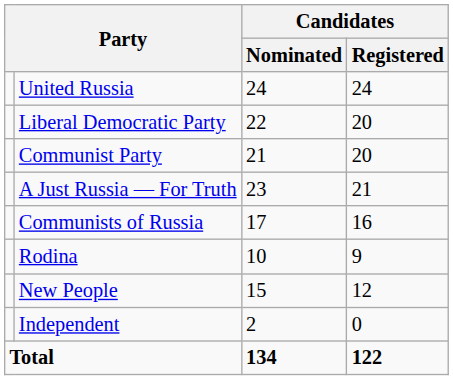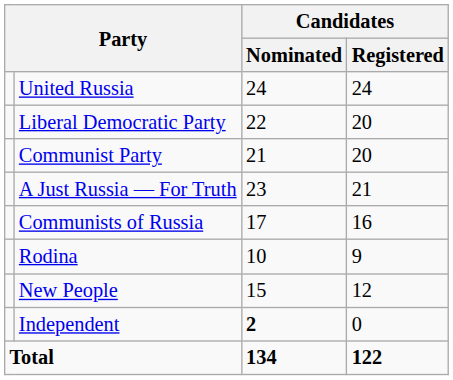 <table class="wikitable sortable" style="background: #f9f9f9; text-align:left; font-size: 95%">
 <tr>
 <th align=center rowspan=2 colspan=2>Party</th>
 <th align=center colspan=2>Candidates</th>
 </tr>
 <tr>
 <th align=center>Nominated</th>
 <th align=center>Registered</th>
 </tr>
 <tr>
 <td></td>
 <td><a href='#'>United Russia</a></td>
 <td>24</td>
 <td>24</td>
 </tr>
 <tr>
 <td></td>
 <td><a href='#'>Liberal Democratic Party</a></td>
 <td>22</td>
 <td>20</td>
 </tr>
 <tr>
 <td></td>
 <td><a href='#'>Communist Party</a></td>
 <td>21</td>
 <td>20</td>
 </tr>
 <tr>
 <td></td>
 <td><a href='#'>A Just Russia — For Truth</a></td>
 <td>23</td>
 <td>21</td>
 </tr>
 <tr>
 <td></td>
 <td><a href='#'>Communists of Russia</a></td>
 <td>17</td>
 <td>16</td>
 </tr>
 <tr>
 <td></td>
 <td><a href='#'>Rodina</a></td>
 <td>10</td>
 <td>9</td>
 </tr>
 <tr>
 <td></td>
 <td><a href='#'>New People</a></td>
 <td>15</td>
 <td>12</td>
 </tr>
 <tr>
 <td></td>
 <td><a href='#'>Independent</a></td>
-<td>2</td>
+<td><strong>2</strong></td>
 <td>0</td>
 </tr>
 <tr>
 <td colspan=2><strong>Total</strong></td>
 <td><strong>134</strong></td>
 <td><strong>122</strong></td>
 </tr>
 </table>
